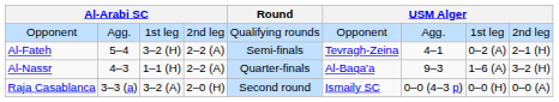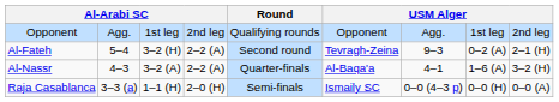 <table class="wikitable" style="text-align: center;">
 <tr>
 <th colspan=4> <a href='#'>Al-Arabi SC</a></th>
 <th>Round</th>
 <th colspan=4> <a href='#'>USM Alger</a></th>
 </tr>
 <tr bgcolor=#c1e0ff>
 <td>Opponent</td>
 <td>Agg.</td>
 <td>1st leg</td>
 <td>2nd leg</td>
 <td>Qualifying rounds</td>
 <td>Opponent</td>
 <td>Agg.</td>
 <td>1st leg</td>
 <td>2nd leg</td>
 </tr>
 <tr>
 <td align=left> <a href='#'>Al-Fateh</a></td>
 <td>5–4</td>
 <td>3–2 (H)</td>
 <td>2–2 (A)</td>
-<td bgcolor=#c1e0ff>Semi-finals</td>
+<td bgcolor=#c1e0ff>Second round</td>
 <td align=left> <a href='#'>Tevragh-Zeina</a></td>
-<td>4–1</td>
+<td>9–3</td>
 <td>0–2 (A)</td>
 <td>2–1 (H)</td>
 </tr>
 <tr>
 <td align=left> <a href='#'>Al-Nassr</a></td>
 <td>4–3</td>
-<td>1–1 (H)</td>
+<td>3–2 (A)</td>
 <td>2–2 (A)</td>
 <td bgcolor=#c1e0ff>Quarter-finals</td>
 <td align=left> <a href='#'>Al-Baqa'a</a></td>
-<td>9–3</td>
+<td>4–1</td>
 <td>1–6 (A)</td>
 <td>3–2 (H)</td>
 </tr>
 <tr>
 <td align=left> <a href='#'>Raja Casablanca</a></td>
 <td>3–3 (<a href='#'>a</a>)</td>
-<td>3–2 (A)</td>
+<td>1–1 (H)</td>
 <td>2–0 (H)</td>
-<td bgcolor=#c1e0ff>Second round</td>
+<td bgcolor=#c1e0ff>Semi-finals</td>
 <td align=left> <a href='#'>Ismaily SC</a></td>
 <td>0–0 (4–3 <a href='#'>p</a>)</td>
 <td>0–0 (H)</td>
 <td>0–0 (A)</td>
 </tr>
 </table>
